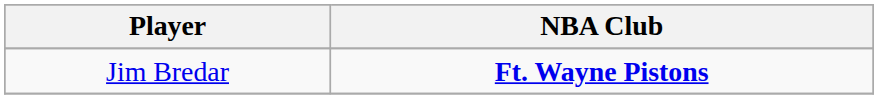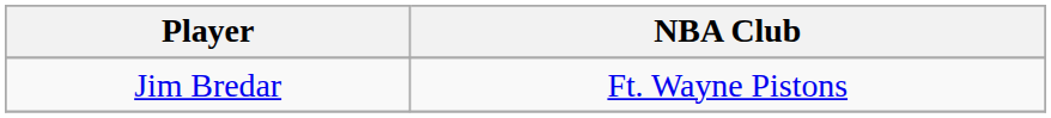 <table class="wikitable" width="500">
 <tr>
 <th>Player</th>
 <th>NBA Club</th>
 </tr>
 <tr>
 </tr>
 <tr align="center" bgcolor="">
 <td><a href='#'>Jim Bredar</a></td>
-<td><strong><a href='#'>Ft. Wayne Pistons</a></strong></td>
+<td><a href='#'>Ft. Wayne Pistons</a></td>
 </tr>
 <tr align="center" bgcolor="">
 </tr>
 </table>
